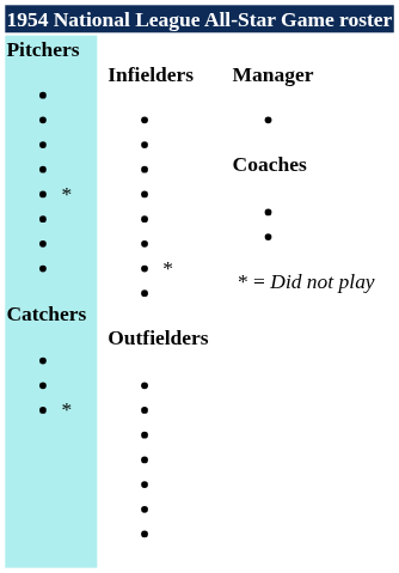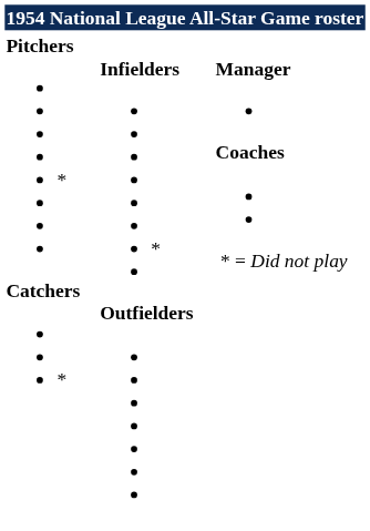 <table class="toccolours" style="font-size: 95%;">
 <tr>
 <th colspan=10 style="background-color:  #0d2b56; color: #FFFFFF; text-align: center;">1954 National League All-Star Game roster</th>
 </tr>
 <tr>
-<td valign="top" style="background: paleturquoise;"><strong>Pitchers</strong><br><ul><li></li><li></li><li></li><li></li><li> *</li><li></li><li></li><li></li></ul><strong>Catchers</strong><ul><li></li><li></li><li> *</li></ul></td>
+<td valign="top"><strong>Pitchers</strong><br><ul><li></li><li></li><li></li><li></li><li> *</li><li></li><li></li><li></li></ul><strong>Catchers</strong><ul><li></li><li></li><li> *</li></ul></td>
 <td width="px"></td>
 <td valign="top"><br><strong>Infielders</strong><ul><li></li><li></li><li></li><li></li><li></li><li></li><li> *</li><li></li></ul><strong>Outfielders</strong><ul><li></li><li></li><li></li><li></li><li></li><li></li><li></li></ul></td>
 <td width="px"></td>
 <td valign="top"><br><strong>Manager</strong><ul><li></li></ul><strong>Coaches</strong><ul><li></li><li></li></ul> * = <em>Did not play</em></td>
 </tr>
 <tr>
 </tr>
 </table>
